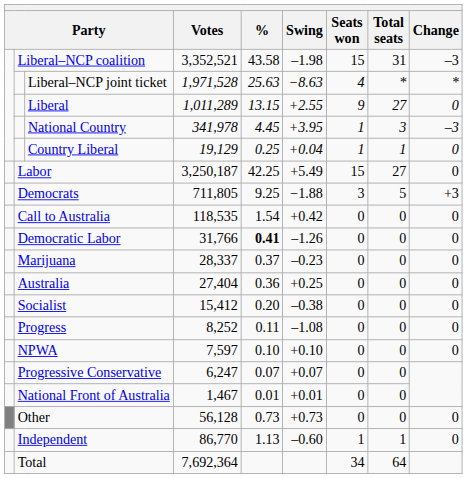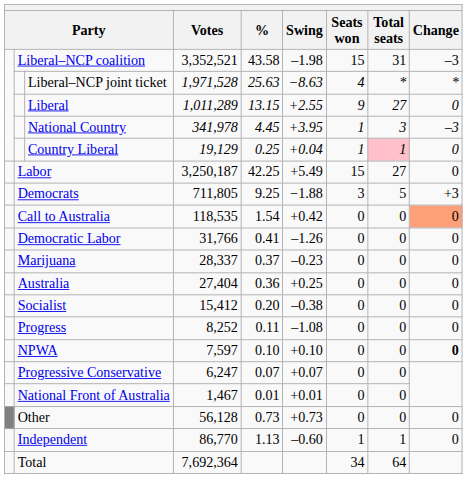 <table class="wikitable">
 <tr>
 <th colspan="9"></th>
 </tr>
 <tr>
 <th colspan=3 style="width:180px">Party</th>
 <th style="width:70px;">Votes</th>
 <th style="width:40px;">%</th>
 <th style="width:40px;">Swing</th>
 <th style="width:40px;">Seats won</th>
 <th style="width:40px;">Total seats</th>
 <th style="width:40px;">Change</th>
 </tr>
 <tr>
 <td rowspan=5> </td>
 <td colspan=2><a href='#'>Liberal–NCP coalition</a></td>
 <td align=right>3,352,521</td>
 <td align=right>43.58</td>
 <td align=right>–1.98</td>
 <td align=right>15</td>
 <td align=right>31</td>
 <td align=right>–3</td>
 </tr>
 <tr>
 <td> </td>
 <td>Liberal–NCP joint ticket</td>
 <td align=right><em>1,971,528</em></td>
 <td align=right><em>25.63</em></td>
 <td align=right><em>−8.63</em></td>
 <td align=right><em>4</em></td>
 <td align=right><em>*</em></td>
 <td align=right><em>*</em></td>
 </tr>
 <tr>
 <td> </td>
 <td><a href='#'>Liberal</a></td>
 <td align=right><em>1,011,289</em></td>
 <td align=right><em>13.15</em></td>
 <td align=right><em>+2.55</em></td>
 <td align=right><em>9</em></td>
 <td align=right><em>27</em></td>
 <td align=right><em>0</em></td>
 </tr>
 <tr>
 <td> </td>
 <td><a href='#'>National Country</a></td>
 <td align=right><em>341,978</em></td>
 <td align=right><em>4.45</em></td>
 <td align=right><em>+3.95</em></td>
 <td align=right><em>1</em></td>
 <td align=right><em>3</em></td>
 <td align=right><em>–3</em></td>
 </tr>
 <tr>
 <td> </td>
 <td><a href='#'>Country Liberal</a></td>
 <td align=right><em>19,129</em></td>
 <td align=right><em>0.25</em></td>
 <td align=right><em>+0.04</em></td>
 <td align=right><em>1</em></td>
-<td align=right><em>1</em></td>
+<td align=right style="background: pink;"><em>1</em></td>
 <td align=right><em>0</em></td>
 </tr>
 <tr>
 <td> </td>
 <td colspan=2><a href='#'>Labor</a></td>
 <td align=right>3,250,187</td>
 <td align=right>42.25</td>
 <td align=right>+5.49</td>
 <td align=right>15</td>
 <td align=right>27</td>
 <td align=right>0</td>
 </tr>
 <tr>
 <td> </td>
 <td colspan=2><a href='#'>Democrats</a></td>
 <td align=right>711,805</td>
 <td align=right>9.25</td>
 <td align=right>−1.88</td>
 <td align=right>3</td>
 <td align=right>5</td>
 <td align=right>+3</td>
 </tr>
 <tr>
 <td> </td>
 <td colspan=2><a href='#'>Call to Australia</a></td>
 <td align=right>118,535</td>
 <td align=right>1.54</td>
 <td align=right>+0.42</td>
 <td align=right>0</td>
 <td align=right>0</td>
-<td align=right>0</td>
+<td align=right style="background: lightsalmon;">0</td>
 </tr>
 <tr>
 <td> </td>
 <td colspan=2><a href='#'>Democratic Labor</a></td>
 <td align=right>31,766</td>
-<td align=right><strong>0.41</strong></td>
+<td align=right>0.41</td>
 <td align=right>–1.26</td>
 <td align=right>0</td>
 <td align=right>0</td>
 <td align=right>0</td>
 </tr>
 <tr>
 <td> </td>
 <td colspan=2><a href='#'>Marijuana</a></td>
 <td align=right>28,337</td>
 <td align=right>0.37</td>
 <td align=right>–0.23</td>
 <td align=right>0</td>
 <td align=right>0</td>
 <td align=right>0</td>
 </tr>
 <tr>
 <td> </td>
 <td colspan=2><a href='#'>Australia</a></td>
 <td align=right>27,404</td>
 <td align=right>0.36</td>
 <td align=right>+0.25</td>
 <td align=right>0</td>
 <td align=right>0</td>
 <td align=right>0</td>
 </tr>
 <tr>
 <td> </td>
 <td colspan=2><a href='#'>Socialist</a></td>
 <td align=right>15,412</td>
 <td align=right>0.20</td>
 <td align=right>–0.38</td>
 <td align=right>0</td>
 <td align=right>0</td>
 <td align=right>0</td>
 </tr>
 <tr>
 <td> </td>
 <td colspan=2><a href='#'>Progress</a></td>
 <td align=right>8,252</td>
 <td align=right>0.11</td>
 <td align=right>–1.08</td>
 <td align=right>0</td>
 <td align=right>0</td>
 <td align=right>0</td>
 </tr>
 <tr>
 <td> </td>
 <td colspan=2><a href='#'>NPWA</a></td>
 <td align=right>7,597</td>
 <td align=right>0.10</td>
 <td align=right>+0.10</td>
 <td align=right>0</td>
 <td align=right>0</td>
-<td align=right>0</td>
+<td align=right><strong>0</strong></td>
 </tr>
 <tr>
 <td> </td>
 <td colspan=2><a href='#'>Progressive Conservative</a></td>
 <td align=right>6,247</td>
 <td align=right>0.07</td>
 <td align=right>+0.07</td>
 <td align=right>0</td>
 <td align=right>0</td>
 </tr>
 <tr>
 <td> </td>
 <td colspan=2><a href='#'>National Front of Australia</a></td>
 <td align=right>1,467</td>
 <td align=right>0.01</td>
 <td align=right>+0.01</td>
 <td align=right>0</td>
 <td align=right>0</td>
 </tr>
 <tr>
 <td style="background:gray;"> </td>
 <td colspan=2>Other</td>
 <td align=right>56,128</td>
 <td align=right>0.73</td>
 <td align=right>+0.73</td>
 <td align=right>0</td>
 <td align=right>0</td>
 <td align=right>0</td>
 </tr>
 <tr>
 <td> </td>
 <td colspan=2><a href='#'>Independent</a></td>
 <td align=right>86,770</td>
 <td align=right>1.13</td>
 <td align=right>–0.60</td>
 <td align=right>1</td>
 <td align=right>1</td>
 <td align=right>0</td>
 </tr>
 <tr>
 <td> </td>
 <td colspan=2>Total</td>
 <td align=right>7,692,364</td>
 <td align=right> </td>
 <td align=right> </td>
 <td align=right>34</td>
 <td align=right>64</td>
 <td align=right></td>
 </tr>
 </table>
